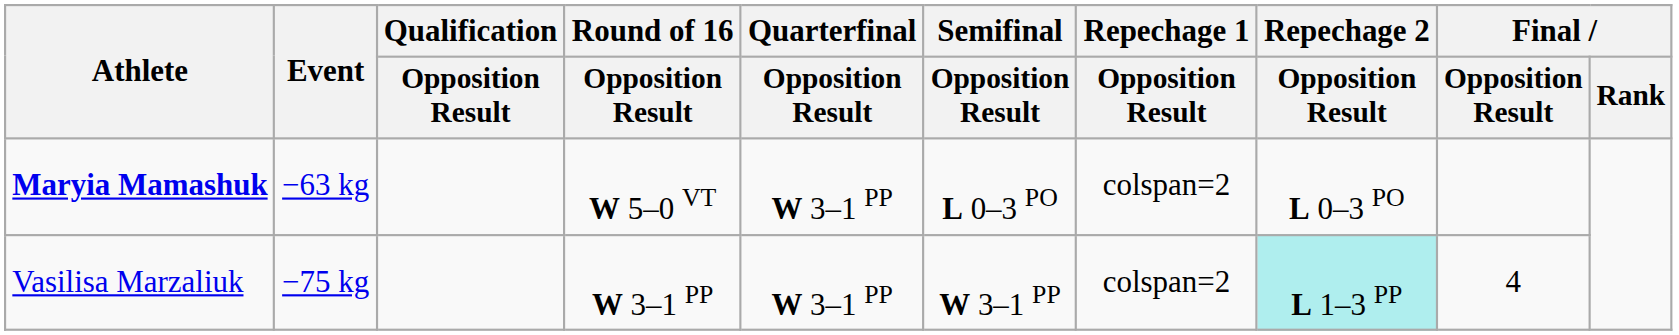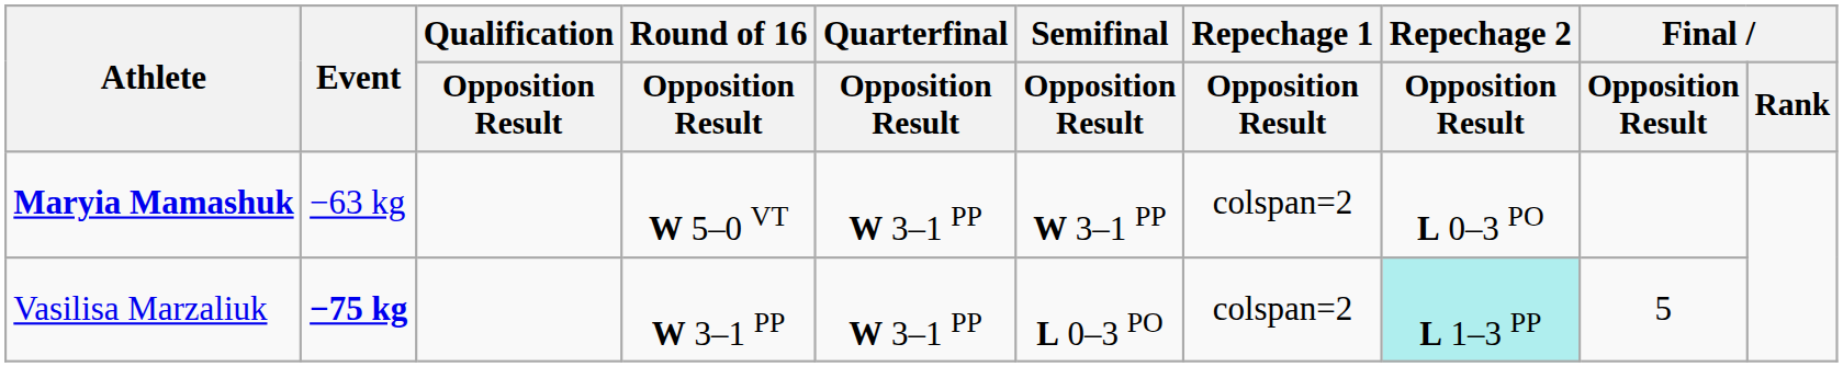 <table class="wikitable" style="font-size:90%">
 <tr>
 <th rowspan=2>Athlete</th>
 <th rowspan=2>Event</th>
 <th>Qualification</th>
 <th>Round of 16</th>
 <th>Quarterfinal</th>
 <th>Semifinal</th>
 <th>Repechage 1</th>
 <th>Repechage 2</th>
 <th colspan=2>Final / </th>
 </tr>
 <tr style="font-size: 95%">
 <th>Opposition<br>Result</th>
 <th>Opposition<br>Result</th>
 <th>Opposition<br>Result</th>
 <th>Opposition<br>Result</th>
 <th>Opposition<br>Result</th>
 <th>Opposition<br>Result</th>
 <th>Opposition<br>Result</th>
 <th>Rank</th>
 </tr>
 <tr align=center>
 <td align=left><strong><a href='#'>Maryia Mamashuk</a></strong></td>
 <td align=left><a href='#'>−63 kg</a></td>
 <td></td>
 <td><br><strong>W</strong> 5–0 <sup>VT</sup></td>
 <td><br><strong>W</strong> 3–1 <sup>PP</sup></td>
-<td><br><strong>L</strong> 0–3 <sup>PO</sup></td>
+<td><br><strong>W</strong> 3–1 <sup>PP</sup></td>
 <td>colspan=2 </td>
 <td><br><strong>L</strong> 0–3 <sup>PO</sup></td>
 <td></td>
 </tr>
 <tr align=center>
 <td align=left><a href='#'>Vasilisa Marzaliuk</a></td>
-<td align=left><a href='#'>−75 kg</a></td>
+<td align=left><strong><a href='#'>−75 kg</a></strong></td>
 <td></td>
 <td><br><strong>W</strong> 3–1 <sup>PP</sup></td>
 <td><br><strong>W</strong> 3–1 <sup>PP</sup></td>
-<td><br><strong>W</strong> 3–1 <sup>PP</sup></td>
+<td><br><strong>L</strong> 0–3 <sup>PO</sup></td>
 <td>colspan=2 </td>
 <td style="background: paleturquoise;"><br><strong>L</strong> 1–3 <sup>PP</sup></td>
-<td>4</td>
+<td>5</td>
 </tr>
 </table>
